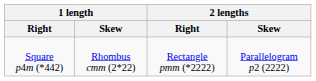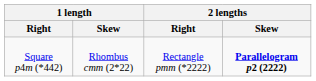 <table class=wikitable width=480>
 <tr>
 <th colspan=2>1 length</th>
 <th colspan=2>2 lengths</th>
 </tr>
 <tr>
 <th>Right</th>
 <th>Skew</th>
 <th>Right</th>
 <th>Skew</th>
 </tr>
 <tr align=center>
 <td><br><a href='#'>Square</a><br><em>p</em>4<em>m</em> (*442)</td>
 <td><br><a href='#'>Rhombus</a><br><em>cmm</em> (2*22)</td>
 <td><br><a href='#'>Rectangle</a><br><em>pmm</em> (*2222)</td>
-<td><br><a href='#'>Parallelogram</a><br><em>p</em>2 (2222)</td>
+<td><strong><br><a href='#'>Parallelogram</a><br><em>p</em>2 (2222)</strong></td>
 </tr>
 </table>
